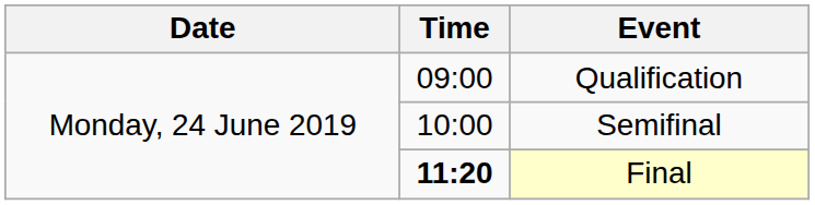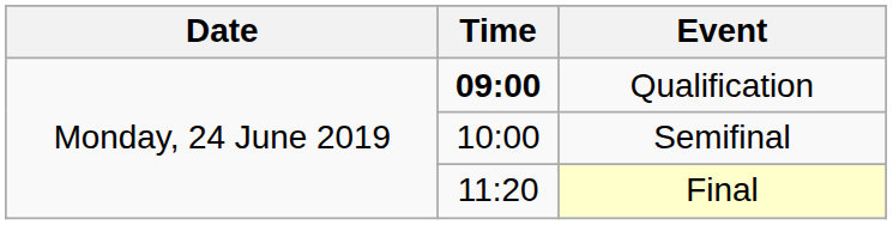 <table class = "wikitable" style="text-align:center;">
 <tr>
 <th width=200>Date</th>
 <th width=50>Time</th>
 <th width=150>Event</th>
 </tr>
 <tr>
 <td rowspan=3>Monday, 24 June 2019</td>
-<td>09:00</td>
+<td><strong>09:00</strong></td>
 <td>Qualification</td>
 </tr>
 <tr>
 <td>10:00</td>
 <td>Semifinal</td>
 </tr>
 <tr>
-<td><strong>11:20</strong></td>
+<td>11:20</td>
 <td bgcolor=ffffcc>Final</td>
 </tr>
 </table>
